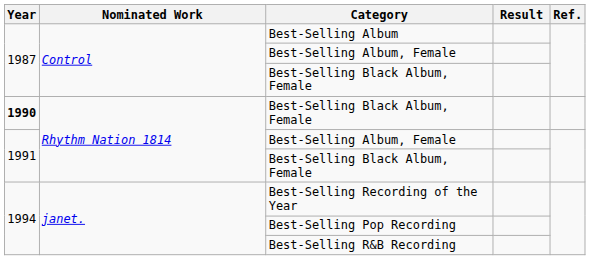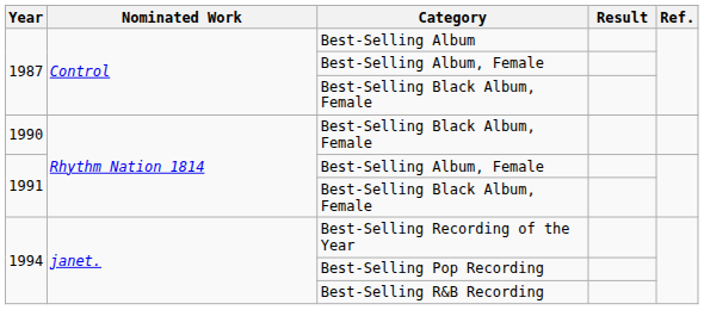 <table class="wikitable" width="50%">
 <tr>
 <th width="5%">Year</th>
 <th width="40%">Nominated Work</th>
 <th width="40%">Category</th>
 <th width="10%">Result</th>
 <th width="5%">Ref.</th>
 </tr>
 <tr>
 <td rowspan="3">1987</td>
 <td rowspan="3"><em><a href='#'>Control</a></em></td>
 <td>Best-Selling Album</td>
 <td></td>
 <td rowspan="3"></td>
 </tr>
 <tr>
 <td>Best-Selling Album, Female</td>
 <td></td>
 </tr>
 <tr>
 <td>Best-Selling Black Album, Female</td>
 <td></td>
 </tr>
 <tr>
-<td><strong>1990</strong></td>
+<td>1990</td>
 <td rowspan="3"><em><a href='#'>Rhythm Nation 1814</a></em></td>
 <td>Best-Selling Black Album, Female</td>
 <td></td>
 <td></td>
 </tr>
 <tr>
 <td rowspan="2">1991</td>
 <td>Best-Selling Album, Female</td>
 <td></td>
 <td rowspan="2"></td>
 </tr>
 <tr>
 <td>Best-Selling Black Album, Female</td>
 <td></td>
 </tr>
 <tr>
 <td rowspan="3">1994</td>
 <td rowspan="3"><em><a href='#'>janet.</a></em></td>
 <td>Best-Selling Recording of the Year</td>
 <td></td>
 <td rowspan="3"></td>
 </tr>
 <tr>
 <td>Best-Selling Pop Recording</td>
 <td></td>
 </tr>
 <tr>
 <td>Best-Selling R&B Recording</td>
 <td></td>
 </tr>
 </table>
